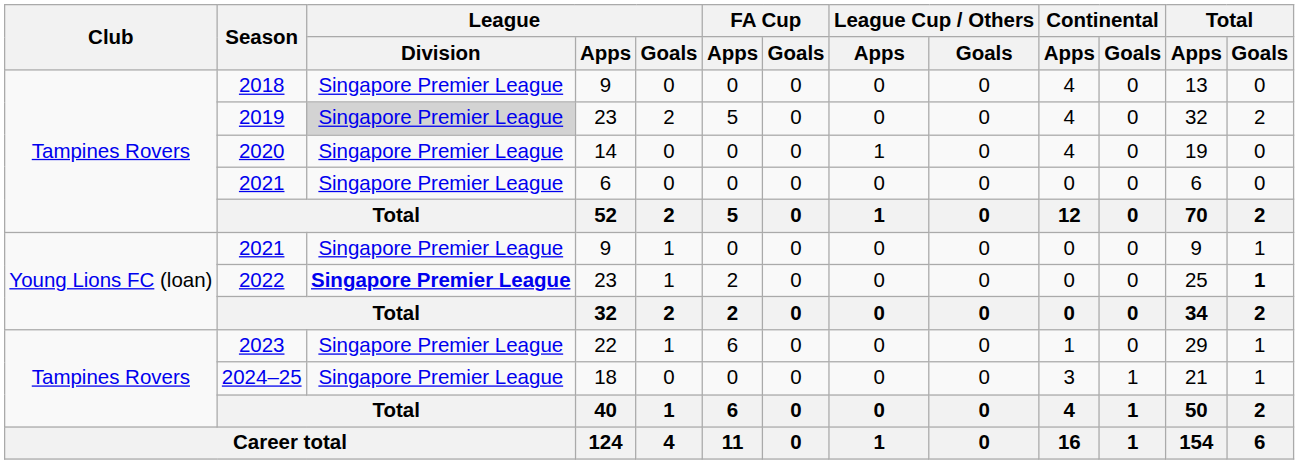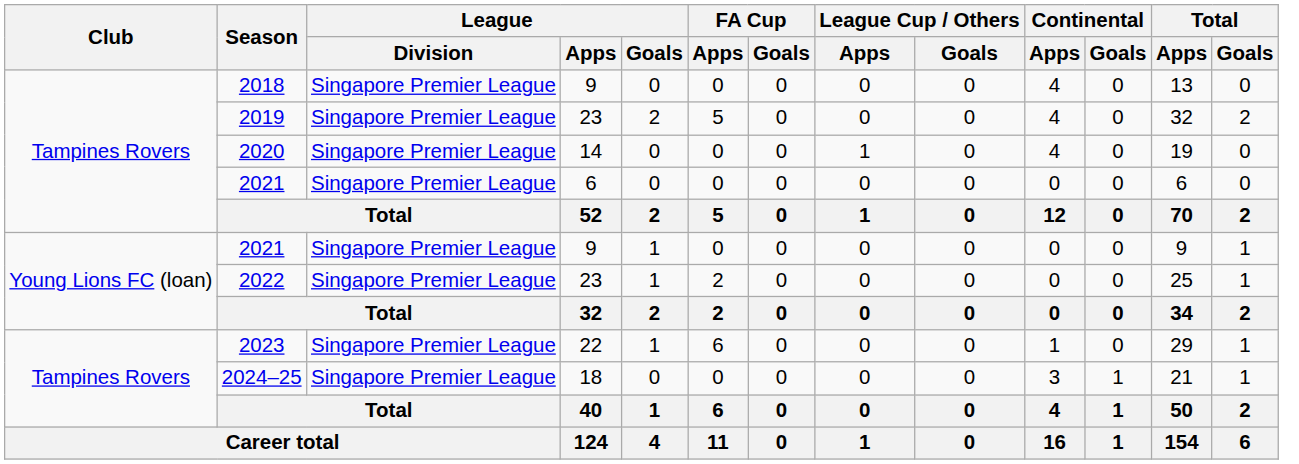 <table class="wikitable" style="text-align: center">
 <tr>
 <th rowspan="2">Club</th>
 <th rowspan="2">Season</th>
 <th colspan="3">League</th>
 <th colspan="2">FA Cup</th>
 <th colspan="2">League Cup / Others</th>
 <th colspan="2">Continental</th>
 <th colspan="2">Total</th>
 </tr>
 <tr>
 <th>Division</th>
 <th>Apps</th>
 <th>Goals</th>
 <th>Apps</th>
 <th>Goals</th>
 <th>Apps</th>
 <th>Goals</th>
 <th>Apps</th>
 <th>Goals</th>
 <th>Apps</th>
 <th>Goals</th>
 </tr>
 <tr>
 <td rowspan="5"><a href='#'>Tampines Rovers</a></td>
 <td><a href='#'>2018</a></td>
 <td><a href='#'>Singapore Premier League</a></td>
 <td>9</td>
 <td>0</td>
 <td>0</td>
 <td>0</td>
 <td>0</td>
 <td>0</td>
 <td>4</td>
 <td>0</td>
 <td>13</td>
 <td>0</td>
 </tr>
 <tr>
 <td><a href='#'>2019</a></td>
-<td style="background: lightgrey;"><a href='#'>Singapore Premier League</a></td>
+<td><a href='#'>Singapore Premier League</a></td>
 <td>23</td>
 <td>2</td>
 <td>5</td>
 <td>0</td>
 <td>0</td>
 <td>0</td>
 <td>4</td>
 <td>0</td>
 <td>32</td>
 <td>2</td>
 </tr>
 <tr>
 <td><a href='#'>2020</a></td>
 <td><a href='#'>Singapore Premier League</a></td>
 <td>14</td>
 <td>0</td>
 <td>0</td>
 <td>0</td>
 <td>1</td>
 <td>0</td>
 <td>4</td>
 <td>0</td>
 <td>19</td>
 <td>0</td>
 </tr>
 <tr>
 <td><a href='#'>2021</a></td>
 <td><a href='#'>Singapore Premier League</a></td>
 <td>6</td>
 <td>0</td>
 <td>0</td>
 <td>0</td>
 <td>0</td>
 <td>0</td>
 <td>0</td>
 <td>0</td>
 <td>6</td>
 <td>0</td>
 </tr>
 <tr>
 <th colspan=2>Total</th>
 <th>52</th>
 <th>2</th>
 <th>5</th>
 <th>0</th>
 <th>1</th>
 <th>0</th>
 <th>12</th>
 <th>0</th>
 <th>70</th>
 <th>2</th>
 </tr>
 <tr>
 <td rowspan="3"><a href='#'>Young Lions FC</a> (loan)</td>
 <td><a href='#'>2021</a></td>
 <td><a href='#'>Singapore Premier League</a></td>
 <td>9</td>
 <td>1</td>
 <td>0</td>
 <td>0</td>
 <td>0</td>
 <td>0</td>
 <td>0</td>
 <td>0</td>
 <td>9</td>
 <td>1</td>
 </tr>
 <tr>
 <td><a href='#'>2022</a></td>
-<td><strong><a href='#'>Singapore Premier League</a></strong></td>
+<td><a href='#'>Singapore Premier League</a></td>
 <td>23</td>
 <td>1</td>
 <td>2</td>
 <td>0</td>
 <td>0</td>
 <td>0</td>
 <td>0</td>
 <td>0</td>
 <td>25</td>
-<td><strong>1</strong></td>
+<td>1</td>
 </tr>
 <tr>
 <th colspan=2>Total</th>
 <th>32</th>
 <th>2</th>
 <th>2</th>
 <th>0</th>
 <th>0</th>
 <th>0</th>
 <th>0</th>
 <th>0</th>
 <th>34</th>
 <th>2</th>
 </tr>
 <tr>
 <td rowspan="3"><a href='#'>Tampines Rovers</a></td>
 <td><a href='#'>2023</a></td>
 <td><a href='#'>Singapore Premier League</a></td>
 <td>22</td>
 <td>1</td>
 <td>6</td>
 <td>0</td>
 <td>0</td>
 <td>0</td>
 <td>1</td>
 <td>0</td>
 <td>29</td>
 <td>1</td>
 </tr>
 <tr>
 <td><a href='#'>2024–25</a></td>
 <td><a href='#'>Singapore Premier League</a></td>
 <td>18</td>
 <td>0</td>
 <td>0</td>
 <td>0</td>
 <td>0</td>
 <td>0</td>
 <td>3</td>
 <td>1</td>
 <td>21</td>
 <td>1</td>
 </tr>
 <tr>
 <th colspan=2>Total</th>
 <th>40</th>
 <th>1</th>
 <th>6</th>
 <th>0</th>
 <th>0</th>
 <th>0</th>
 <th>4</th>
 <th>1</th>
 <th>50</th>
 <th>2</th>
 </tr>
 <tr>
 <th colspan=3>Career total</th>
 <th>124</th>
 <th>4</th>
 <th>11</th>
 <th>0</th>
 <th>1</th>
 <th>0</th>
 <th>16</th>
 <th>1</th>
 <th>154</th>
 <th>6</th>
 </tr>
 </table>
